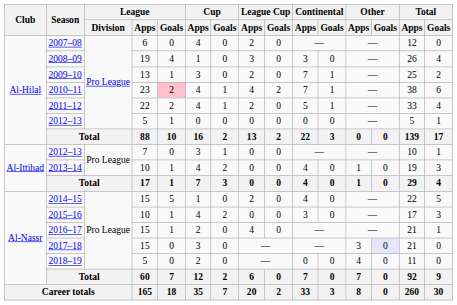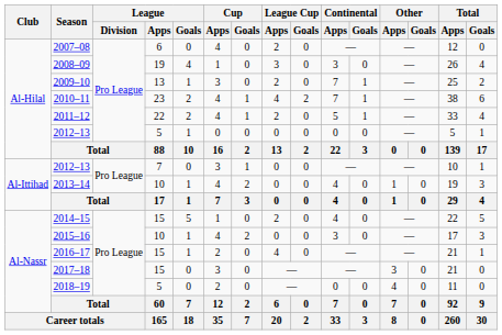 <table class="wikitable" style="font-size:96%; text-align: center">
 <tr>
 <th rowspan=2>Club</th>
 <th rowspan=2>Season</th>
 <th colspan=3>League</th>
 <th colspan=2>Cup</th>
 <th colspan=2>League Cup</th>
 <th colspan=2>Continental</th>
 <th colspan=2>Other</th>
 <th colspan=2>Total</th>
 </tr>
 <tr>
 <th>Division</th>
 <th>Apps</th>
 <th>Goals</th>
 <th>Apps</th>
 <th>Goals</th>
 <th>Apps</th>
 <th>Goals</th>
 <th>Apps</th>
 <th>Goals</th>
 <th>Apps</th>
 <th>Goals</th>
 <th>Apps</th>
 <th>Goals</th>
 </tr>
 <tr>
 <td rowspan=7><a href='#'>Al-Hilal</a></td>
 <td><a href='#'>2007–08</a></td>
 <td rowspan=6><a href='#'>Pro League</a></td>
 <td>6</td>
 <td>0</td>
 <td>4</td>
 <td>0</td>
 <td>2</td>
 <td>0</td>
 <td colspan=2>—</td>
 <td colspan=2>—</td>
 <td>12</td>
 <td>0</td>
 </tr>
 <tr>
 <td><a href='#'>2008–09</a></td>
 <td>19</td>
 <td>4</td>
 <td>1</td>
 <td>0</td>
 <td>3</td>
 <td>0</td>
 <td>3</td>
 <td>0</td>
 <td colspan=2>—</td>
 <td>26</td>
 <td>4</td>
 </tr>
 <tr>
 <td><a href='#'>2009–10</a></td>
 <td>13</td>
 <td>1</td>
 <td>3</td>
 <td>0</td>
 <td>2</td>
 <td>0</td>
 <td>7</td>
 <td>1</td>
 <td colspan=2>—</td>
 <td>25</td>
 <td>2</td>
 </tr>
 <tr>
 <td><a href='#'>2010–11</a></td>
 <td>23</td>
-<td style="background: pink;">2</td>
+<td>2</td>
 <td>4</td>
 <td>1</td>
 <td>4</td>
 <td>2</td>
 <td>7</td>
 <td>1</td>
 <td colspan=2>—</td>
 <td>38</td>
 <td>6</td>
 </tr>
 <tr>
 <td><a href='#'>2011–12</a></td>
 <td>22</td>
 <td>2</td>
 <td>4</td>
 <td>1</td>
 <td>2</td>
 <td>0</td>
 <td>5</td>
 <td>1</td>
 <td colspan=2>—</td>
 <td>33</td>
 <td>4</td>
 </tr>
 <tr>
 <td><a href='#'>2012–13</a></td>
 <td>5</td>
 <td>1</td>
 <td>0</td>
 <td>0</td>
 <td>0</td>
 <td>0</td>
 <td>0</td>
 <td>0</td>
 <td colspan=2>—</td>
 <td>5</td>
 <td>1</td>
 </tr>
 <tr>
 <th colspan=2>Total</th>
 <th>88</th>
 <th>10</th>
 <th>16</th>
 <th>2</th>
 <th>13</th>
 <th>2</th>
 <th>22</th>
 <th>3</th>
 <th>0</th>
 <th>0</th>
 <th>139</th>
 <th>17</th>
 </tr>
 <tr>
 <td rowspan=3><a href='#'>Al-Ittihad</a></td>
 <td><a href='#'>2012–13</a></td>
 <td rowspan=2>Pro League</td>
 <td>7</td>
 <td>0</td>
 <td>3</td>
 <td>1</td>
 <td>0</td>
 <td>0</td>
 <td colspan=2>—</td>
 <td colspan=2>—</td>
 <td>10</td>
 <td>1</td>
 </tr>
 <tr>
 <td><a href='#'>2013–14</a></td>
 <td>10</td>
 <td>1</td>
 <td>4</td>
 <td>2</td>
 <td>0</td>
 <td>0</td>
 <td>4</td>
 <td>0</td>
 <td>1</td>
 <td>0</td>
 <td>19</td>
 <td>3</td>
 </tr>
 <tr>
 <th colspan=2>Total</th>
 <th>17</th>
 <th>1</th>
 <th>7</th>
 <th>3</th>
 <th>0</th>
 <th>0</th>
 <th>4</th>
 <th>0</th>
 <th>1</th>
 <th>0</th>
 <th>29</th>
 <th>4</th>
 </tr>
 <tr>
 <td rowspan=6><a href='#'>Al-Nassr</a></td>
 <td><a href='#'>2014–15</a></td>
 <td rowspan=5>Pro League</td>
 <td>15</td>
 <td>5</td>
 <td>1</td>
 <td>0</td>
 <td>2</td>
 <td>0</td>
 <td>4</td>
 <td>0</td>
 <td colspan=2>—</td>
 <td>22</td>
 <td>5</td>
 </tr>
 <tr>
 <td><a href='#'>2015–16</a></td>
 <td>10</td>
 <td>1</td>
 <td>4</td>
 <td>2</td>
 <td>0</td>
 <td>0</td>
 <td>3</td>
 <td>0</td>
 <td colspan=2>—</td>
 <td>17</td>
 <td>3</td>
 </tr>
 <tr>
 <td><a href='#'>2016–17</a></td>
 <td>15</td>
 <td>1</td>
 <td>2</td>
 <td>0</td>
 <td>4</td>
 <td>0</td>
 <td colspan=2>—</td>
 <td colspan=2>—</td>
 <td>21</td>
 <td>1</td>
 </tr>
 <tr>
 <td><a href='#'>2017–18</a></td>
 <td>15</td>
 <td>0</td>
 <td>3</td>
 <td>0</td>
 <td colspan=2>—</td>
 <td colspan=2>—</td>
 <td>3</td>
-<td style="background: lavender;">0</td>
+<td>0</td>
 <td>21</td>
 <td>0</td>
 </tr>
 <tr>
 <td><a href='#'>2018–19</a></td>
 <td>5</td>
 <td>0</td>
 <td>2</td>
 <td>0</td>
 <td colspan=2>—</td>
 <td>0</td>
 <td>0</td>
 <td>4</td>
 <td>0</td>
 <td>11</td>
 <td>0</td>
 </tr>
 <tr>
 <th colspan=2>Total</th>
 <th>60</th>
 <th>7</th>
 <th>12</th>
 <th>2</th>
 <th>6</th>
 <th>0</th>
 <th>7</th>
 <th>0</th>
 <th>7</th>
 <th>0</th>
 <th>92</th>
 <th>9</th>
 </tr>
 <tr>
 <th colspan=3>Career totals</th>
 <th>165</th>
 <th>18</th>
 <th>35</th>
 <th>7</th>
 <th>20</th>
 <th>2</th>
 <th>33</th>
 <th>3</th>
 <th>8</th>
 <th>0</th>
 <th>260</th>
 <th>30</th>
 </tr>
 </table>
